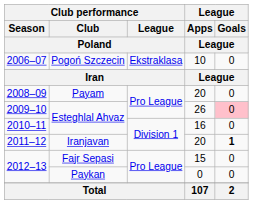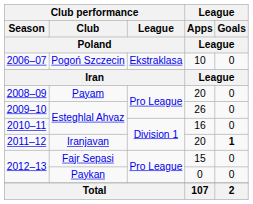 <table class="wikitable" style="text-align:center;">
 <tr>
 <th colspan=3>Club performance</th>
 <th colspan=2>League</th>
 </tr>
 <tr>
 <th>Season</th>
 <th>Club</th>
 <th>League</th>
 <th>Apps</th>
 <th>Goals</th>
 </tr>
 <tr>
 <th colspan=3>Poland</th>
 <th colspan=2>League</th>
 </tr>
 <tr>
 <td><a href='#'>2006–07</a></td>
 <td rowspan="1"><a href='#'>Pogoń Szczecin</a></td>
 <td rowspan="1"><a href='#'>Ekstraklasa</a></td>
 <td>10</td>
 <td>0</td>
 </tr>
 <tr>
 <th colspan=3>Iran</th>
 <th colspan=2>League</th>
 </tr>
 <tr>
 <td><a href='#'>2008–09</a></td>
 <td rowspan="1"><a href='#'>Payam</a></td>
 <td rowspan="2"><a href='#'>Pro League</a></td>
 <td>20</td>
 <td>0</td>
 </tr>
 <tr>
 <td><a href='#'>2009–10</a></td>
 <td rowspan="2"><a href='#'>Esteghlal Ahvaz</a></td>
 <td>26</td>
-<td style="background: pink;">0</td>
+<td>0</td>
 </tr>
 <tr>
 <td><a href='#'>2010–11</a></td>
 <td rowspan="2"><a href='#'>Division 1</a></td>
 <td>16</td>
 <td>0</td>
 </tr>
 <tr>
 <td><a href='#'>2011–12</a></td>
 <td rowspan="1"><a href='#'>Iranjavan</a></td>
 <td>20</td>
 <td><strong>1</strong></td>
 </tr>
 <tr>
 <td rowspan="2"><a href='#'>2012–13</a></td>
 <td rowspan="1"><a href='#'>Fajr Sepasi</a></td>
 <td rowspan="2"><a href='#'>Pro League</a></td>
 <td>15</td>
 <td>0</td>
 </tr>
 <tr>
 <td rowspan="1"><a href='#'>Paykan</a></td>
 <td>0</td>
 <td>0</td>
 </tr>
 <tr>
 </tr>
 <tr>
 <th colspan=3>Total</th>
 <th>107</th>
 <th>2</th>
 </tr>
 </table>
